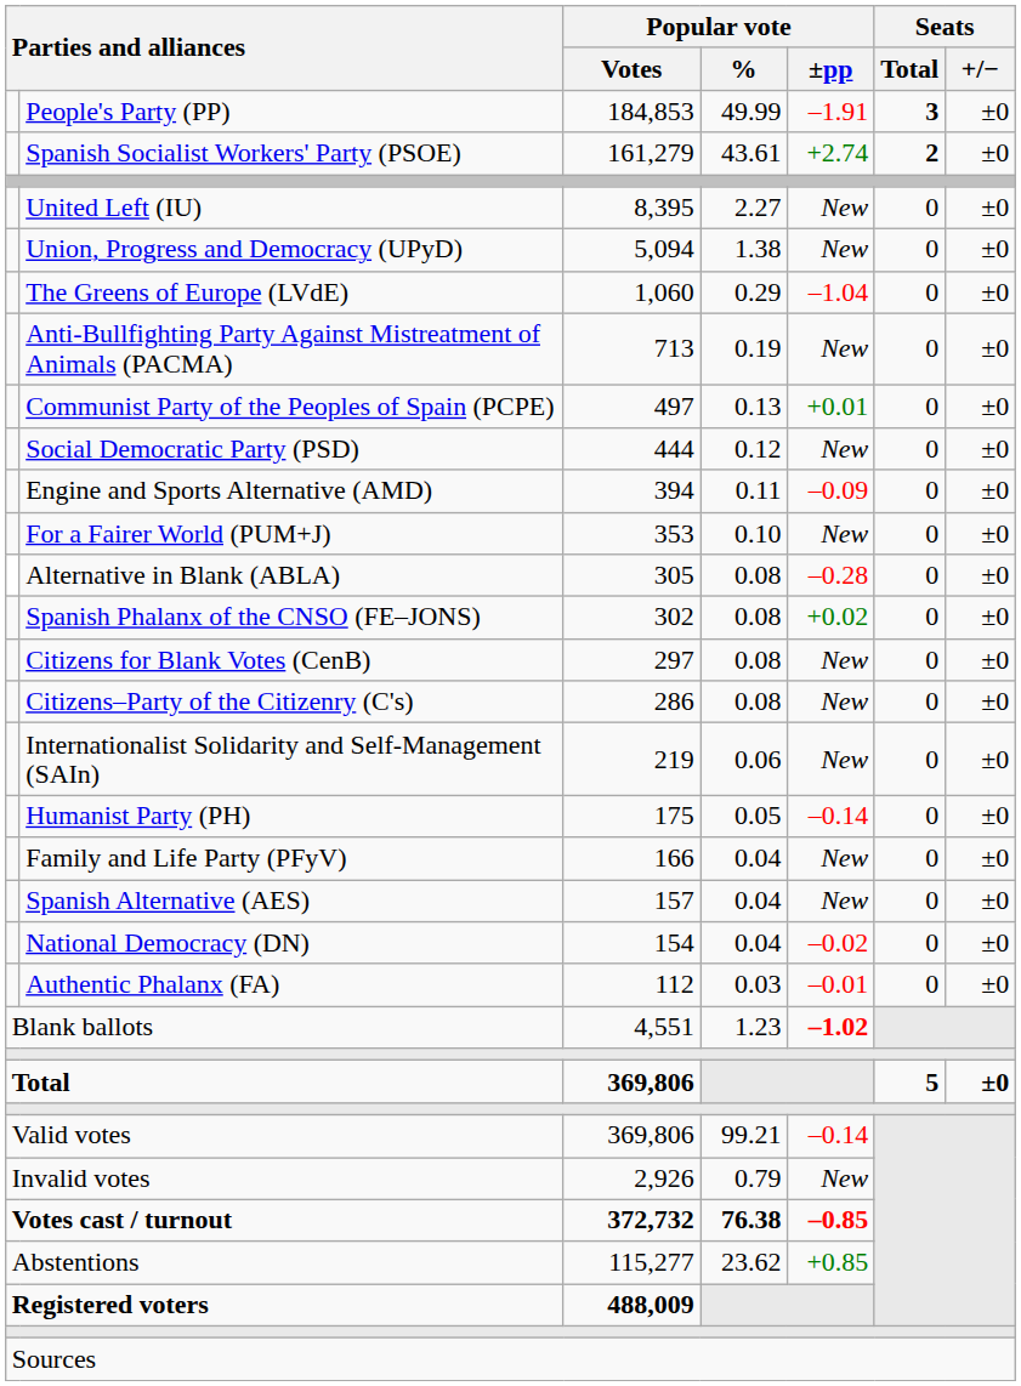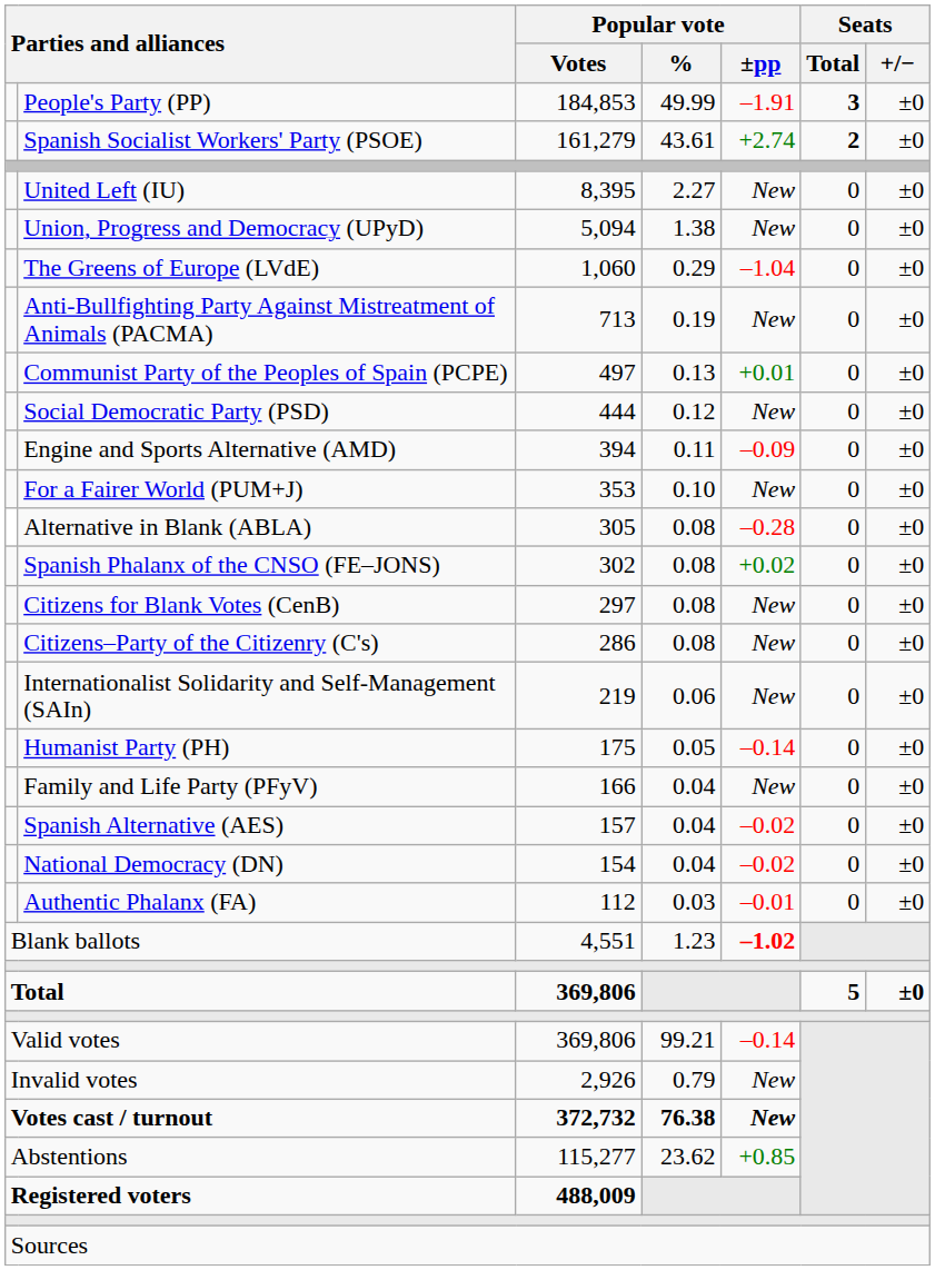 <table class="wikitable" style="text-align:right;">
 <tr>
 <th style="text-align:left;" rowspan="2" colspan="2" width="525">Parties and alliances</th>
 <th colspan="3">Popular vote</th>
 <th colspan="2">Seats</th>
 </tr>
 <tr>
 <th width="75">Votes</th>
 <th width="45">%</th>
 <th width="45">±<a href='#'>pp</a></th>
 <th width="35">Total</th>
 <th width="35">+/−</th>
 </tr>
 <tr>
 <td width="1" style="color:inherit;background:"></td>
 <td align="left"><a href='#'>People's Party</a> (PP)</td>
 <td>184,853</td>
 <td>49.99</td>
 <td style="color:red;">–1.91</td>
 <td><strong>3</strong></td>
 <td>±0</td>
 </tr>
 <tr>
 <td style="color:inherit;background:"></td>
 <td align="left"><a href='#'>Spanish Socialist Workers' Party</a> (PSOE)</td>
 <td>161,279</td>
 <td>43.61</td>
 <td style="color:green;">+2.74</td>
 <td><strong>2</strong></td>
 <td>±0</td>
 </tr>
 <tr>
 <td colspan="7" bgcolor="#C0C0C0"></td>
 </tr>
 <tr>
 <td style="color:inherit;background:"></td>
 <td align="left"><a href='#'>United Left</a> (IU)</td>
 <td>8,395</td>
 <td>2.27</td>
 <td><em>New</em></td>
 <td>0</td>
 <td>±0</td>
 </tr>
 <tr>
 <td style="color:inherit;background:"></td>
 <td align="left"><a href='#'>Union, Progress and Democracy</a> (UPyD)</td>
 <td>5,094</td>
 <td>1.38</td>
 <td><em>New</em></td>
 <td>0</td>
 <td>±0</td>
 </tr>
 <tr>
 <td style="color:inherit;background:"></td>
 <td align="left"><a href='#'>The Greens of Europe</a> (LVdE)</td>
 <td>1,060</td>
 <td>0.29</td>
 <td style="color:red;">–1.04</td>
 <td>0</td>
 <td>±0</td>
 </tr>
 <tr>
 <td style="color:inherit;background:"></td>
 <td align="left"><a href='#'>Anti-Bullfighting Party Against Mistreatment of Animals</a> (PACMA)</td>
 <td>713</td>
 <td>0.19</td>
 <td><em>New</em></td>
 <td>0</td>
 <td>±0</td>
 </tr>
 <tr>
 <td style="color:inherit;background:"></td>
 <td align="left"><a href='#'>Communist Party of the Peoples of Spain</a> (PCPE)</td>
 <td>497</td>
 <td>0.13</td>
 <td style="color:green;">+0.01</td>
 <td>0</td>
 <td>±0</td>
 </tr>
 <tr>
 <td style="color:inherit;background:"></td>
 <td align="left"><a href='#'>Social Democratic Party</a> (PSD)</td>
 <td>444</td>
 <td>0.12</td>
 <td><em>New</em></td>
 <td>0</td>
 <td>±0</td>
 </tr>
 <tr>
 <td style="color:inherit;background:"></td>
 <td align="left">Engine and Sports Alternative (AMD)</td>
 <td>394</td>
 <td>0.11</td>
 <td style="color:red;">–0.09</td>
 <td>0</td>
 <td>±0</td>
 </tr>
 <tr>
 <td style="color:inherit;background:"></td>
 <td align="left"><a href='#'>For a Fairer World</a> (PUM+J)</td>
 <td>353</td>
 <td>0.10</td>
 <td><em>New</em></td>
 <td>0</td>
 <td>±0</td>
 </tr>
 <tr>
 <td bgcolor="white"></td>
 <td align="left">Alternative in Blank (ABLA)</td>
 <td>305</td>
 <td>0.08</td>
 <td style="color:red;">–0.28</td>
 <td>0</td>
 <td>±0</td>
 </tr>
 <tr>
 <td style="color:inherit;background:"></td>
 <td align="left"><a href='#'>Spanish Phalanx of the CNSO</a> (FE–JONS)</td>
 <td>302</td>
 <td>0.08</td>
 <td style="color:green;">+0.02</td>
 <td>0</td>
 <td>±0</td>
 </tr>
 <tr>
 <td style="color:inherit;background:"></td>
 <td align="left"><a href='#'>Citizens for Blank Votes</a> (CenB)</td>
 <td>297</td>
 <td>0.08</td>
 <td><em>New</em></td>
 <td>0</td>
 <td>±0</td>
 </tr>
 <tr>
 <td style="color:inherit;background:"></td>
 <td align="left"><a href='#'>Citizens–Party of the Citizenry</a> (C's)</td>
 <td>286</td>
 <td>0.08</td>
 <td><em>New</em></td>
 <td>0</td>
 <td>±0</td>
 </tr>
 <tr>
 <td style="color:inherit;background:"></td>
 <td align="left">Internationalist Solidarity and Self-Management (SAIn)</td>
 <td>219</td>
 <td>0.06</td>
 <td><em>New</em></td>
 <td>0</td>
 <td>±0</td>
 </tr>
 <tr>
 <td style="color:inherit;background:"></td>
 <td align="left"><a href='#'>Humanist Party</a> (PH)</td>
 <td>175</td>
 <td>0.05</td>
 <td style="color:red;">–0.14</td>
 <td>0</td>
 <td>±0</td>
 </tr>
 <tr>
 <td style="color:inherit;background:"></td>
 <td align="left">Family and Life Party (PFyV)</td>
 <td>166</td>
 <td>0.04</td>
 <td><em>New</em></td>
 <td>0</td>
 <td>±0</td>
 </tr>
 <tr>
 <td style="color:inherit;background:"></td>
 <td align="left"><a href='#'>Spanish Alternative</a> (AES)</td>
 <td>157</td>
 <td>0.04</td>
-<td><em>New</em></td>
+<td style="color:red;">–0.02</td>
 <td>0</td>
 <td>±0</td>
 </tr>
 <tr>
 <td style="color:inherit;background:"></td>
 <td align="left"><a href='#'>National Democracy</a> (DN)</td>
 <td>154</td>
 <td>0.04</td>
 <td style="color:red;">–0.02</td>
 <td>0</td>
 <td>±0</td>
 </tr>
 <tr>
 <td style="color:inherit;background:"></td>
 <td align="left"><a href='#'>Authentic Phalanx</a> (FA)</td>
 <td>112</td>
 <td>0.03</td>
 <td style="color:red;">–0.01</td>
 <td>0</td>
 <td>±0</td>
 </tr>
 <tr>
 <td align="left" colspan="2">Blank ballots</td>
 <td>4,551</td>
 <td>1.23</td>
 <td style="color:red;"><strong>–1.02</strong></td>
 <td bgcolor="#E9E9E9" colspan="2"></td>
 </tr>
 <tr>
 <td colspan="7" bgcolor="#E9E9E9"></td>
 </tr>
 <tr style="font-weight:bold;">
 <td align="left" colspan="2">Total</td>
 <td>369,806</td>
 <td bgcolor="#E9E9E9" colspan="2"></td>
 <td>5</td>
 <td>±0</td>
 </tr>
 <tr>
 <td colspan="7" bgcolor="#E9E9E9"></td>
 </tr>
 <tr>
 <td align="left" colspan="2">Valid votes</td>
 <td>369,806</td>
 <td>99.21</td>
 <td style="color:red;">–0.14</td>
 <td bgcolor="#E9E9E9" colspan="2" rowspan="5"></td>
 </tr>
 <tr>
 <td align="left" colspan="2">Invalid votes</td>
 <td>2,926</td>
 <td>0.79</td>
 <td><em>New</em></td>
 </tr>
 <tr style="font-weight:bold;">
 <td align="left" colspan="2">Votes cast / turnout</td>
 <td>372,732</td>
 <td>76.38</td>
-<td style="color:red;">–0.85</td>
+<td><em>New</em></td>
 </tr>
 <tr>
 <td align="left" colspan="2">Abstentions</td>
 <td>115,277</td>
 <td>23.62</td>
 <td style="color:green;">+0.85</td>
 </tr>
 <tr style="font-weight:bold;">
 <td align="left" colspan="2">Registered voters</td>
 <td>488,009</td>
 <td bgcolor="#E9E9E9" colspan="2"></td>
 </tr>
 <tr>
 <td colspan="7" bgcolor="#E9E9E9"></td>
 </tr>
 <tr>
 <td align="left" colspan="7">Sources</td>
 </tr>
 </table>
